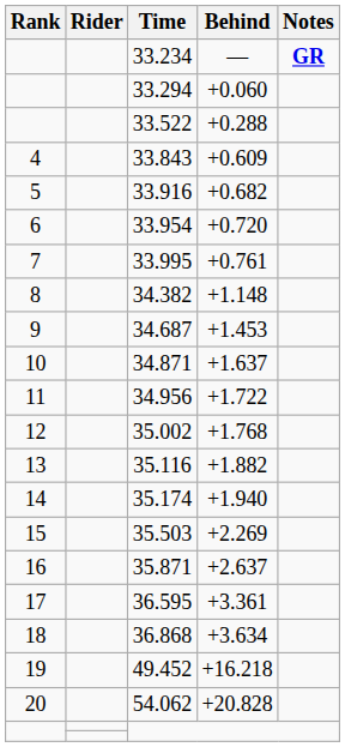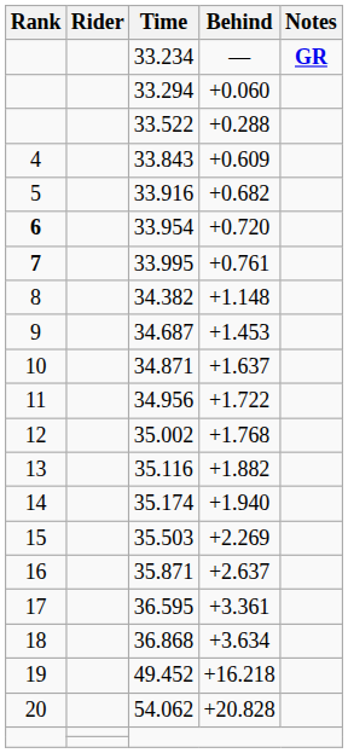 <table class="wikitable sortable" style="text-align:center">
 <tr>
 <th>Rank</th>
 <th>Rider</th>
 <th>Time</th>
 <th>Behind</th>
 <th>Notes</th>
 </tr>
 <tr>
 <td></td>
 <td align=left></td>
 <td>33.234</td>
 <td>—</td>
 <td><strong><a href='#'>GR</a></strong></td>
 </tr>
 <tr>
 <td></td>
 <td align=left></td>
 <td>33.294</td>
 <td>+0.060</td>
 <td></td>
 </tr>
 <tr>
 <td></td>
 <td align=left></td>
 <td>33.522</td>
 <td>+0.288</td>
 <td></td>
 </tr>
 <tr>
 <td>4</td>
 <td align=left></td>
 <td>33.843</td>
 <td>+0.609</td>
 <td></td>
 </tr>
 <tr>
 <td>5</td>
 <td align=left></td>
 <td>33.916</td>
 <td>+0.682</td>
 <td></td>
 </tr>
 <tr>
-<td>6</td>
+<td><strong>6</strong></td>
 <td align=left></td>
 <td>33.954</td>
 <td>+0.720</td>
 <td></td>
 </tr>
 <tr>
-<td>7</td>
+<td><strong>7</strong></td>
 <td align=left></td>
 <td>33.995</td>
 <td>+0.761</td>
 <td></td>
 </tr>
 <tr>
 <td>8</td>
 <td align=left></td>
 <td>34.382</td>
 <td>+1.148</td>
 <td></td>
 </tr>
 <tr>
 <td>9</td>
 <td align=left></td>
 <td>34.687</td>
 <td>+1.453</td>
 <td></td>
 </tr>
 <tr>
 <td>10</td>
 <td align=left></td>
 <td>34.871</td>
 <td>+1.637</td>
 <td></td>
 </tr>
 <tr>
 <td>11</td>
 <td align=left></td>
 <td>34.956</td>
 <td>+1.722</td>
 <td></td>
 </tr>
 <tr>
 <td>12</td>
 <td align=left></td>
 <td>35.002</td>
 <td>+1.768</td>
 <td></td>
 </tr>
 <tr>
 <td>13</td>
 <td align=left></td>
 <td>35.116</td>
 <td>+1.882</td>
 <td></td>
 </tr>
 <tr>
 <td>14</td>
 <td align=left></td>
 <td>35.174</td>
 <td>+1.940</td>
 <td></td>
 </tr>
 <tr>
 <td>15</td>
 <td align=left></td>
 <td>35.503</td>
 <td>+2.269</td>
 <td></td>
 </tr>
 <tr>
 <td>16</td>
 <td align=left></td>
 <td>35.871</td>
 <td>+2.637</td>
 <td></td>
 </tr>
 <tr>
 <td>17</td>
 <td align=left></td>
 <td>36.595</td>
 <td>+3.361</td>
 <td></td>
 </tr>
 <tr>
 <td>18</td>
 <td align=left></td>
 <td>36.868</td>
 <td>+3.634</td>
 <td></td>
 </tr>
 <tr>
 <td>19</td>
 <td align=left></td>
 <td>49.452</td>
 <td>+16.218</td>
 <td></td>
 </tr>
 <tr>
 <td>20</td>
 <td align=left></td>
 <td>54.062</td>
 <td>+20.828</td>
 <td></td>
 </tr>
 <tr>
 <td rowspan=2></td>
 <td align=left></td>
 <td colspan=3 rowspan=2></td>
 </tr>
 <tr>
 <td align=left></td>
 </tr>
 </table>
